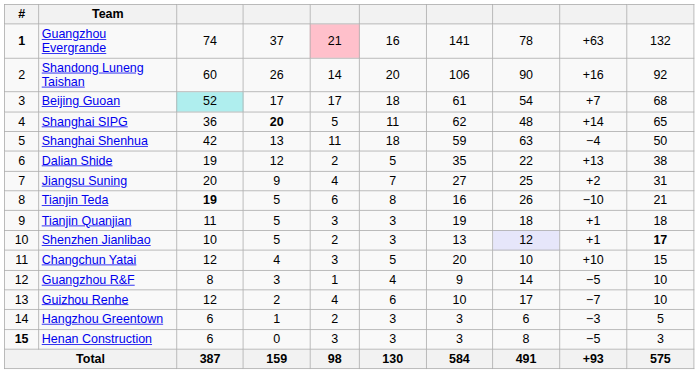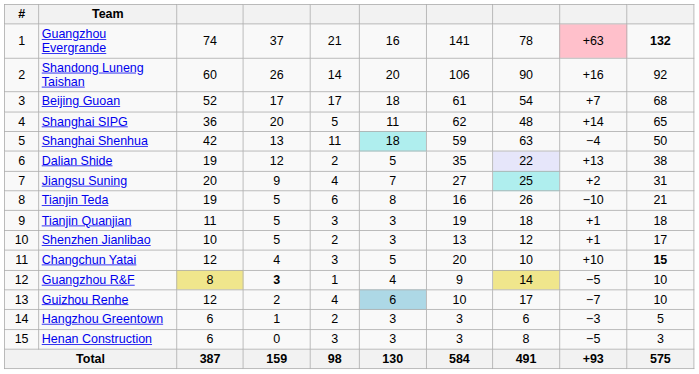 <table width=70% class="wikitable sortable" style="text-align:center">
 <tr>
 <th width=5%>#</th>
 <th width=20%>Team</th>
 <th></th>
 <th></th>
 <th></th>
 <th></th>
 <th></th>
 <th></th>
 <th></th>
 <th></th>
 </tr>
 <tr>
-<td><strong>1</strong></td>
+<td>1</td>
 <td align=left><a href='#'>Guangzhou Evergrande</a></td>
 <td>74</td>
 <td>37</td>
-<td style="background: pink;">21</td>
+<td>21</td>
 <td>16</td>
 <td>141</td>
 <td>78</td>
-<td>+63</td>
-<td>132</td>
+<td style="background: pink;">+63</td>
+<td><strong>132</strong></td>
 </tr>
 <tr>
 <td>2</td>
 <td align=left><a href='#'>Shandong Luneng Taishan</a></td>
 <td>60</td>
 <td>26</td>
 <td>14</td>
 <td>20</td>
 <td>106</td>
 <td>90</td>
 <td>+16</td>
 <td>92</td>
 </tr>
 <tr>
 <td>3</td>
 <td align=left><a href='#'>Beijing Guoan</a></td>
-<td style="background: paleturquoise;">52</td>
+<td>52</td>
 <td>17</td>
 <td>17</td>
 <td>18</td>
 <td>61</td>
 <td>54</td>
 <td>+7</td>
 <td>68</td>
 </tr>
 <tr>
 <td>4</td>
 <td align=left><a href='#'>Shanghai SIPG</a></td>
 <td>36</td>
-<td><strong>20</strong></td>
+<td>20</td>
 <td>5</td>
 <td>11</td>
 <td>62</td>
 <td>48</td>
 <td>+14</td>
 <td>65</td>
 </tr>
 <tr>
 <td>5</td>
 <td align=left><a href='#'>Shanghai Shenhua</a></td>
 <td>42</td>
 <td>13</td>
 <td>11</td>
-<td>18</td>
+<td style="background: paleturquoise;">18</td>
 <td>59</td>
 <td>63</td>
 <td>−4</td>
 <td>50</td>
 </tr>
 <tr>
 <td>6</td>
 <td align=left><a href='#'>Dalian Shide</a></td>
 <td>19</td>
 <td>12</td>
 <td>2</td>
 <td>5</td>
 <td>35</td>
-<td>22</td>
+<td style="background: lavender;">22</td>
 <td>+13</td>
 <td>38</td>
 </tr>
 <tr>
 <td>7</td>
 <td align=left><a href='#'>Jiangsu Suning</a></td>
 <td>20</td>
 <td>9</td>
 <td>4</td>
 <td>7</td>
 <td>27</td>
-<td>25</td>
+<td style="background: paleturquoise;">25</td>
 <td>+2</td>
 <td>31</td>
 </tr>
 <tr>
 <td>8</td>
 <td align=left><a href='#'>Tianjin Teda</a></td>
-<td><strong>19</strong></td>
+<td>19</td>
 <td>5</td>
 <td>6</td>
 <td>8</td>
 <td>16</td>
 <td>26</td>
 <td>−10</td>
 <td>21</td>
 </tr>
 <tr>
 <td>9</td>
 <td align=left><a href='#'>Tianjin Quanjian</a></td>
 <td>11</td>
 <td>5</td>
 <td>3</td>
 <td>3</td>
 <td>19</td>
 <td>18</td>
 <td>+1</td>
 <td>18</td>
 </tr>
 <tr>
 <td>10</td>
 <td align=left><a href='#'>Shenzhen Jianlibao</a></td>
 <td>10</td>
 <td>5</td>
 <td>2</td>
 <td>3</td>
 <td>13</td>
-<td style="background: lavender;">12</td>
+<td>12</td>
 <td>+1</td>
-<td><strong>17</strong></td>
+<td>17</td>
 </tr>
 <tr>
 <td>11</td>
 <td align=left><a href='#'>Changchun Yatai</a></td>
 <td>12</td>
 <td>4</td>
 <td>3</td>
 <td>5</td>
 <td>20</td>
 <td>10</td>
 <td>+10</td>
-<td>15</td>
+<td><strong>15</strong></td>
 </tr>
 <tr>
 <td>12</td>
 <td align=left><a href='#'>Guangzhou R&F</a></td>
-<td>8</td>
-<td>3</td>
+<td style="background: khaki;">8</td>
+<td><strong>3</strong></td>
 <td>1</td>
 <td>4</td>
 <td>9</td>
-<td>14</td>
+<td style="background: khaki;">14</td>
 <td>−5</td>
 <td>10</td>
 </tr>
 <tr>
 <td>13</td>
 <td align=left><a href='#'>Guizhou Renhe</a></td>
 <td>12</td>
 <td>2</td>
 <td>4</td>
-<td>6</td>
+<td style="background: lightblue;">6</td>
 <td>10</td>
 <td>17</td>
 <td>−7</td>
 <td>10</td>
 </tr>
 <tr>
 <td>14</td>
 <td align=left><a href='#'>Hangzhou Greentown</a></td>
 <td>6</td>
 <td>1</td>
 <td>2</td>
 <td>3</td>
 <td>3</td>
 <td>6</td>
 <td>−3</td>
 <td>5</td>
 </tr>
 <tr>
-<td><strong>15</strong></td>
+<td>15</td>
 <td align=left><a href='#'>Henan Construction</a></td>
 <td>6</td>
 <td>0</td>
 <td>3</td>
 <td>3</td>
 <td>3</td>
 <td>8</td>
 <td>−5</td>
 <td>3</td>
 </tr>
 <tr>
 <th colspan=2 align=center>Total</th>
 <th>387</th>
 <th>159</th>
 <th>98</th>
 <th>130</th>
 <th>584</th>
 <th>491</th>
 <th>+93</th>
 <th>575</th>
 </tr>
 </table>
